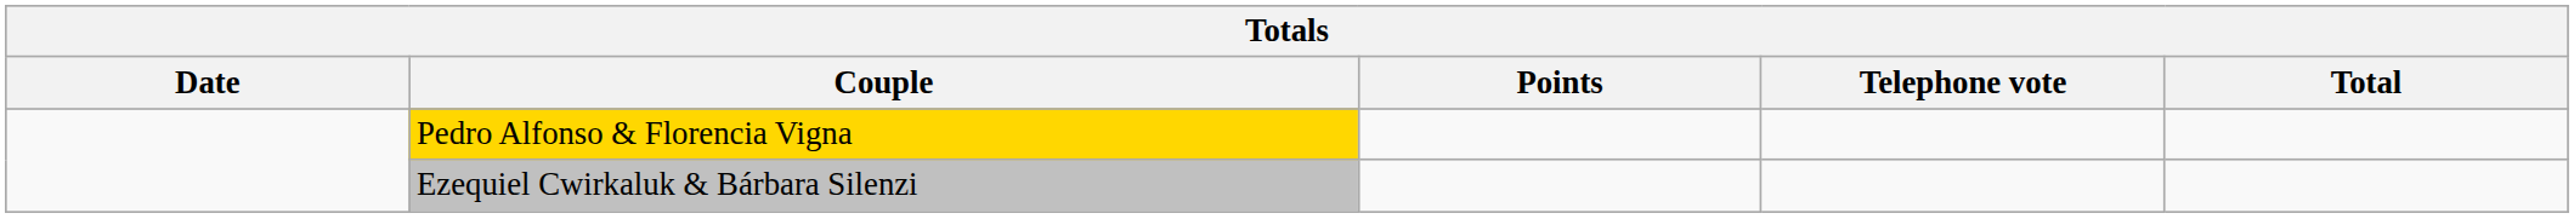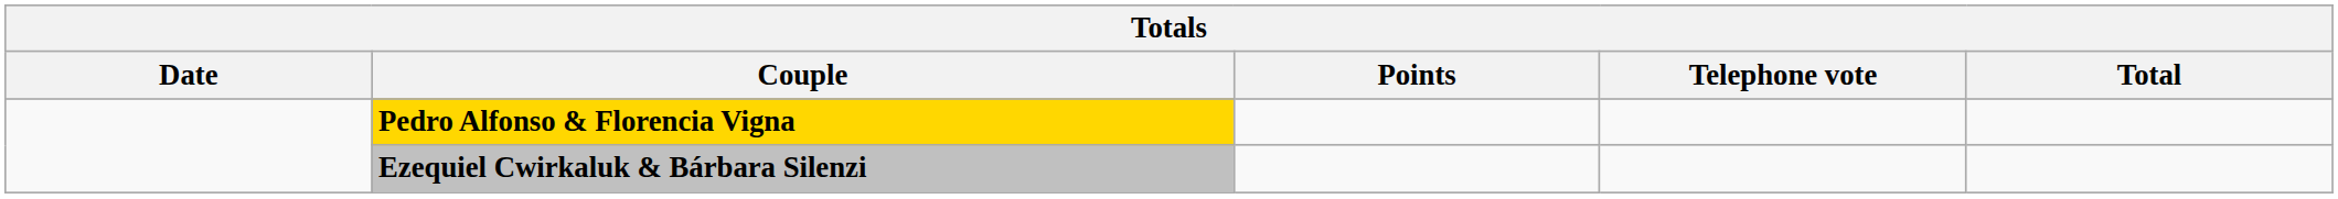 <table class="wikitable collapsible collapsed" style=" text-align: align; width: 100%;">
 <tr>
 <th colspan="11" style="with: 100%;" align="center">Totals</th>
 </tr>
 <tr>
 <th width=85>Date</th>
 <th width=210>Couple</th>
 <th width=85>Points</th>
 <th width=85>Telephone vote</th>
 <th width=85>Total</th>
 </tr>
 <tr>
 <td rowspan="2"></td>
-<td bgcolor="gold">Pedro Alfonso & Florencia Vigna</td>
+<td bgcolor="gold"><strong>Pedro Alfonso & Florencia Vigna</strong></td>
 <td></td>
 <td></td>
 <td></td>
 </tr>
 <tr>
-<td bgcolor="silver">Ezequiel Cwirkaluk & Bárbara Silenzi</td>
+<td bgcolor="silver"><strong>Ezequiel Cwirkaluk & Bárbara Silenzi</strong></td>
 <td></td>
 <td></td>
 <td></td>
 </tr>
 </table>
